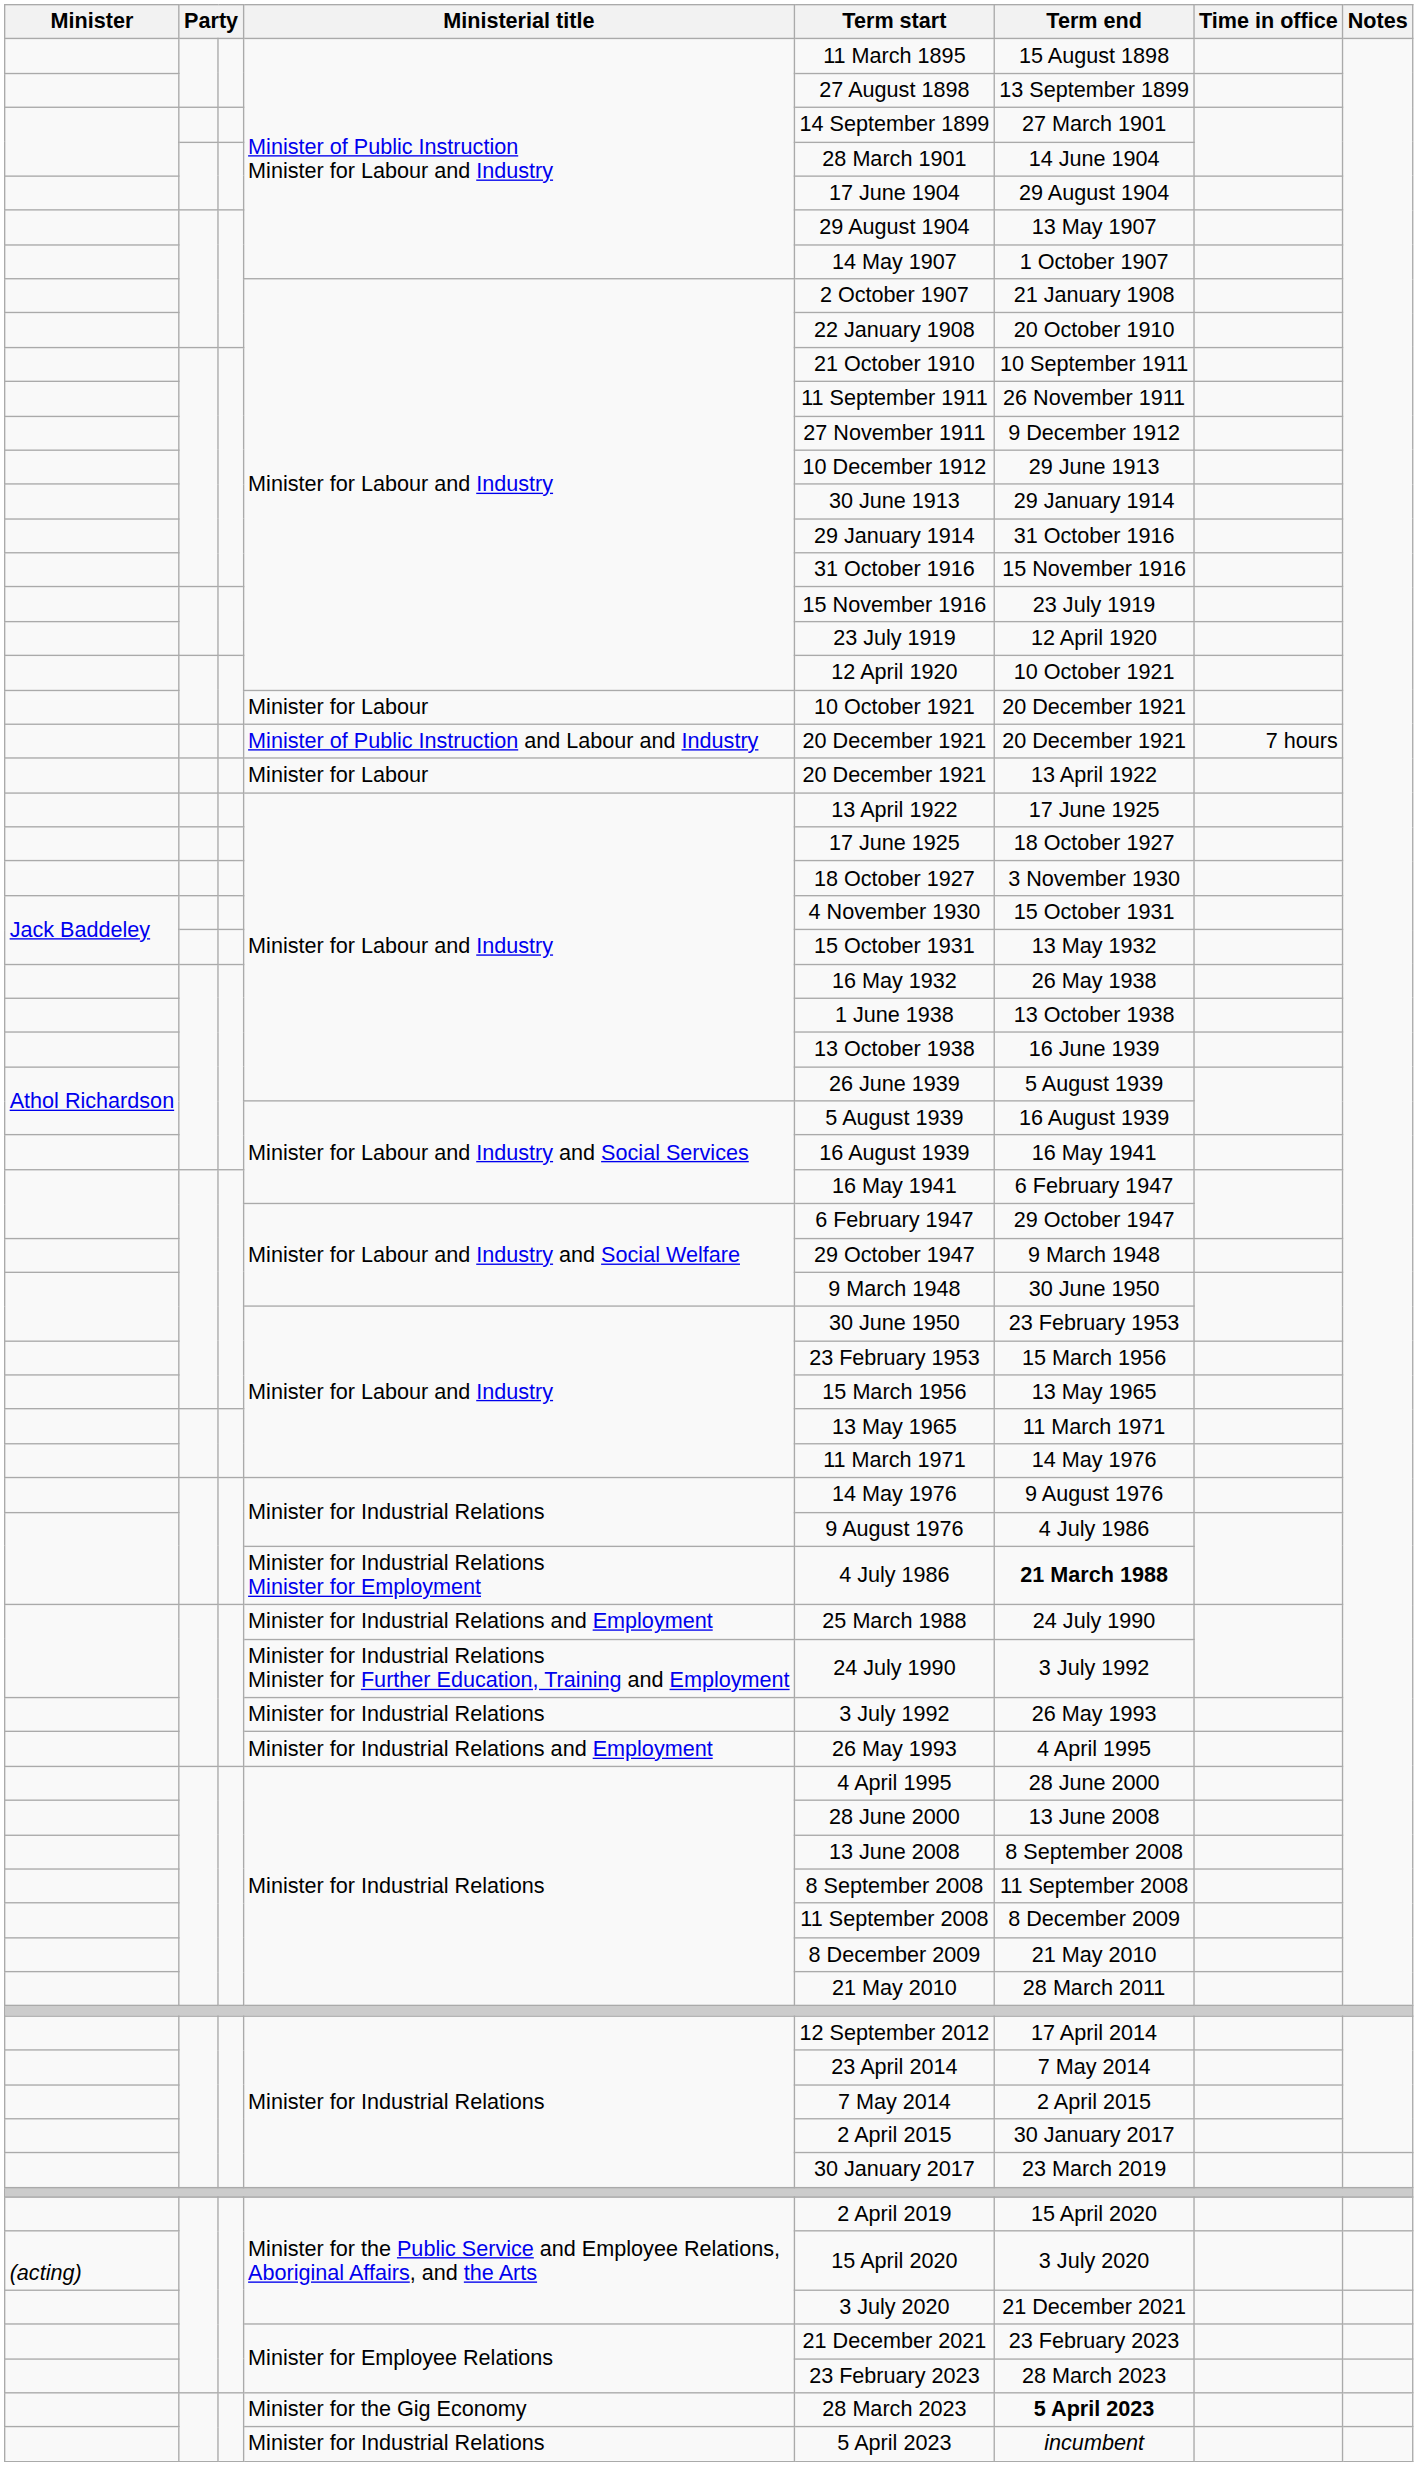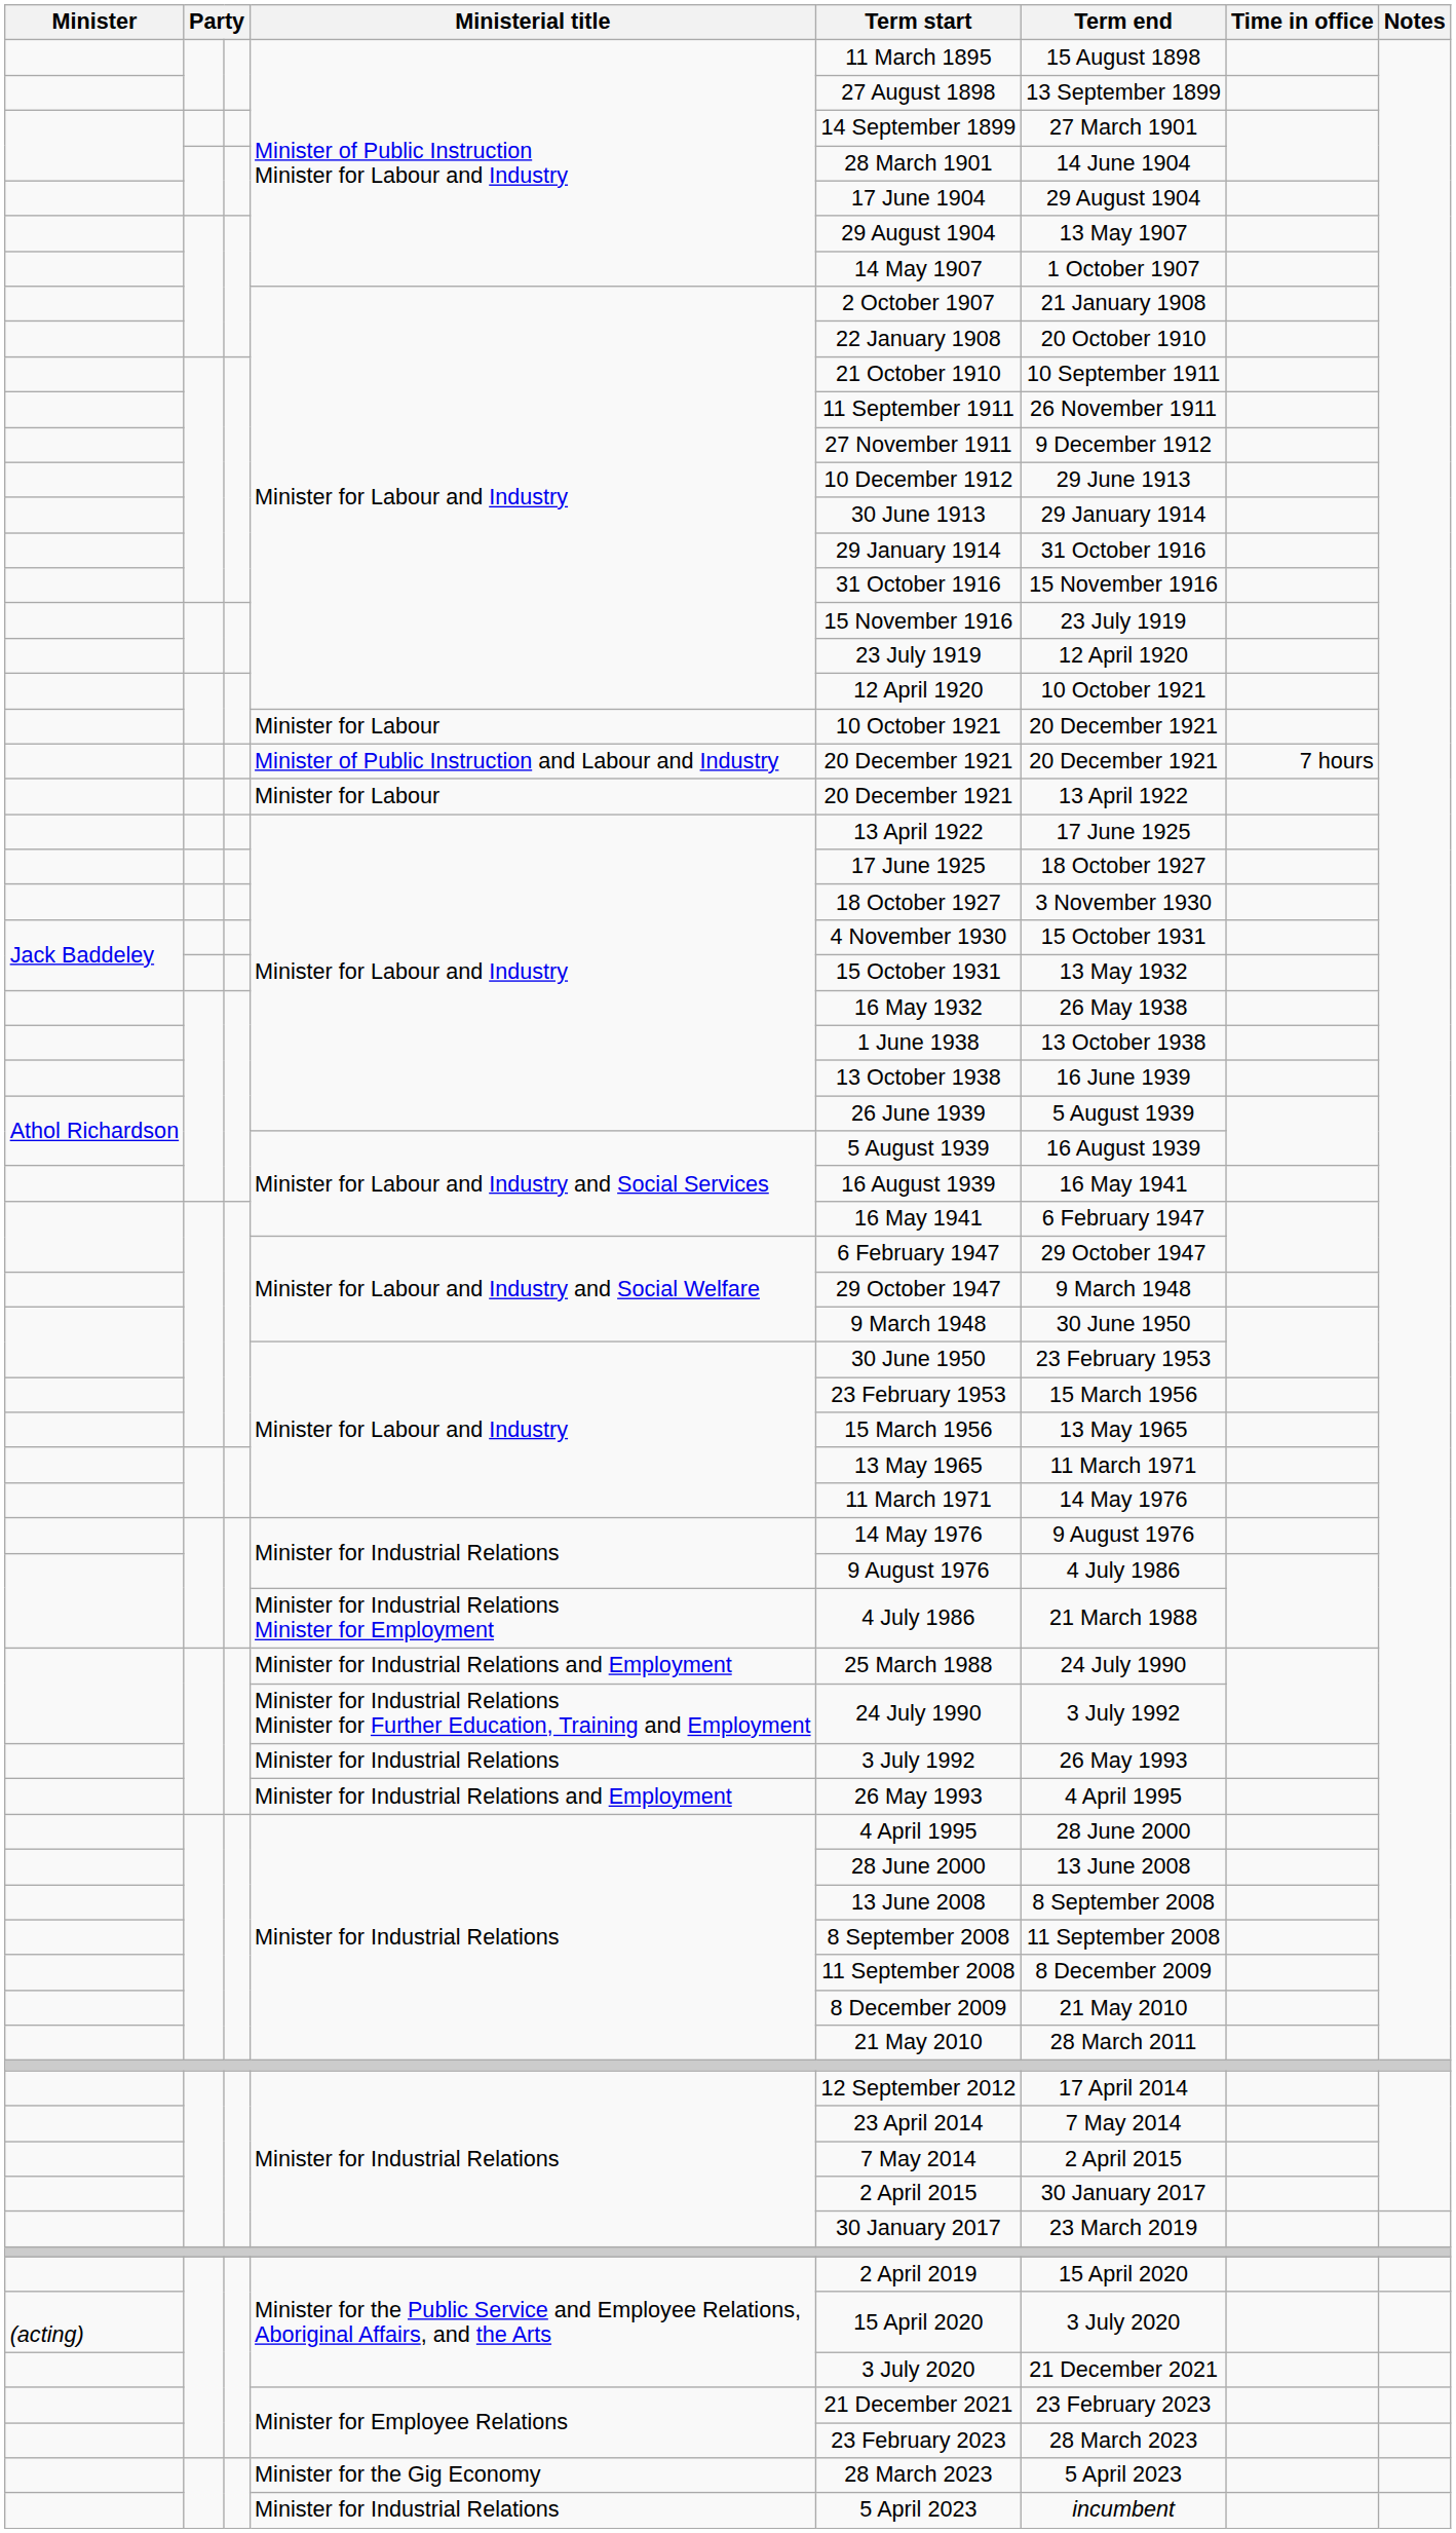 <table class="wikitable sortable">
 <tr>
 <th>Minister</th>
 <th colspan="2">Party</th>
 <th>Ministerial title</th>
 <th>Term start</th>
 <th>Term end</th>
 <th>Time in office</th>
 <th class="unsortable">Notes</th>
 </tr>
 <tr>
 <td></td>
 <td rowspan=2 > </td>
 <td rowspan=2></td>
 <td rowspan=7><a href='#'>Minister of Public Instruction</a><br>Minister for Labour and <a href='#'>Industry</a></td>
 <td align="center">11 March 1895</td>
 <td align="center">15 August 1898</td>
 <td align=right></td>
 </tr>
 <tr>
 <td></td>
 <td align="center">27 August 1898</td>
 <td align="center">13 September 1899</td>
 <td align=right></td>
 </tr>
 <tr>
 <td rowspan="2"></td>
 <td> </td>
 <td></td>
 <td align="center">14 September 1899</td>
 <td align="center">27 March 1901</td>
 <td rowspan="2" align=right></td>
 </tr>
 <tr>
 <td rowspan="2" > </td>
 <td rowspan="2"></td>
 <td align="center">28 March 1901</td>
 <td align="center">14 June 1904</td>
 </tr>
 <tr>
 <td></td>
 <td align="center">17 June 1904</td>
 <td align="center">29 August 1904</td>
 <td align=right></td>
 </tr>
 <tr>
 <td></td>
 <td rowspan="4" > </td>
 <td rowspan="4"></td>
 <td align="center">29 August 1904</td>
 <td align="center">13 May 1907</td>
 <td align=right></td>
 </tr>
 <tr>
 <td></td>
 <td align="center">14 May 1907</td>
 <td align="center">1 October 1907</td>
 <td align=right></td>
 </tr>
 <tr>
 <td></td>
 <td rowspan="12">Minister for Labour and <a href='#'>Industry</a></td>
 <td align="center">2 October 1907</td>
 <td align="center">21 January 1908</td>
 <td align=right></td>
 </tr>
 <tr>
 <td></td>
 <td align="center">22 January 1908</td>
 <td align="center">20 October 1910</td>
 <td align=right></td>
 </tr>
 <tr>
 <td></td>
 <td rowspan="7" > </td>
 <td rowspan="7"></td>
 <td align="center">21 October 1910</td>
 <td align="center">10 September 1911</td>
 <td align=right></td>
 </tr>
 <tr>
 <td></td>
 <td align="center">11 September 1911</td>
 <td align="center">26 November 1911</td>
 <td align=right></td>
 </tr>
 <tr>
 <td></td>
 <td align="center">27 November 1911</td>
 <td align="center">9 December 1912</td>
 <td align=right></td>
 </tr>
 <tr>
 <td></td>
 <td align="center">10 December 1912</td>
 <td align="center">29 June 1913</td>
 <td align=right></td>
 </tr>
 <tr>
 <td></td>
 <td align="center">30 June 1913</td>
 <td align="center">29 January 1914</td>
 <td align=right></td>
 </tr>
 <tr>
 <td></td>
 <td align="center">29 January 1914</td>
 <td align="center">31 October 1916</td>
 <td align=right></td>
 </tr>
 <tr>
 <td></td>
 <td align="center">31 October 1916</td>
 <td align="center">15 November 1916</td>
 <td align=right></td>
 </tr>
 <tr>
 <td></td>
 <td rowspan="2" > </td>
 <td rowspan="2"></td>
 <td align="center">15 November 1916</td>
 <td align="center">23 July 1919</td>
 <td align=right></td>
 </tr>
 <tr>
 <td></td>
 <td align="center">23 July 1919</td>
 <td align="center">12 April 1920</td>
 <td align=right></td>
 </tr>
 <tr>
 <td></td>
 <td rowspan="2" > </td>
 <td rowspan="2"></td>
 <td align="center">12 April 1920</td>
 <td align="center">10 October 1921</td>
 <td align=right></td>
 </tr>
 <tr>
 <td></td>
 <td>Minister for Labour</td>
 <td align="center">10 October 1921</td>
 <td align="center">20 December 1921</td>
 <td align=right></td>
 </tr>
 <tr>
 <td></td>
 <td> </td>
 <td></td>
 <td><a href='#'>Minister of Public Instruction</a> and Labour and <a href='#'>Industry</a></td>
 <td align="center">20 December 1921</td>
 <td align="center">20 December 1921</td>
 <td align="right"> 7 hours</td>
 </tr>
 <tr>
 <td></td>
 <td> </td>
 <td></td>
 <td>Minister for Labour</td>
 <td align="center">20 December 1921</td>
 <td align="center">13 April 1922</td>
 <td align=right></td>
 </tr>
 <tr>
 <td></td>
 <td> </td>
 <td></td>
 <td rowspan="9">Minister for Labour and <a href='#'>Industry</a></td>
 <td align="center">13 April 1922</td>
 <td align="center">17 June 1925</td>
 <td align=right></td>
 </tr>
 <tr>
 <td></td>
 <td> </td>
 <td></td>
 <td align="center">17 June 1925</td>
 <td align="center">18 October 1927</td>
 <td align=right></td>
 </tr>
 <tr>
 <td></td>
 <td> </td>
 <td></td>
 <td align="center">18 October 1927</td>
 <td align="center">3 November 1930</td>
 <td align=right></td>
 </tr>
 <tr>
 <td rowspan="2"><a href='#'>Jack Baddeley</a></td>
 <td> </td>
 <td></td>
 <td align="center">4 November 1930</td>
 <td align="center">15 October 1931</td>
 <td align=right></td>
 </tr>
 <tr>
 <td> </td>
 <td></td>
 <td align="center">15 October 1931</td>
 <td align="center">13 May 1932</td>
 <td align=right></td>
 </tr>
 <tr>
 <td></td>
 <td rowspan="6" > </td>
 <td rowspan="6"></td>
 <td align="center">16 May 1932</td>
 <td align="center">26 May 1938</td>
 <td align=right></td>
 </tr>
 <tr>
 <td></td>
 <td align="center">1 June 1938</td>
 <td align="center">13 October 1938</td>
 <td align=right></td>
 </tr>
 <tr>
 <td></td>
 <td align="center">13 October 1938</td>
 <td align="center">16 June 1939</td>
 <td align=right></td>
 </tr>
 <tr>
 <td rowspan="2"><a href='#'>Athol Richardson</a></td>
 <td align="center">26 June 1939</td>
 <td align="center">5 August 1939</td>
 <td rowspan=2 align=right></td>
 </tr>
 <tr>
 <td rowspan="3">Minister for Labour and <a href='#'>Industry</a> and <a href='#'>Social Services</a></td>
 <td align="center">5 August 1939</td>
 <td align="center">16 August 1939</td>
 </tr>
 <tr>
 <td></td>
 <td align="center">16 August 1939</td>
 <td align="center">16 May 1941</td>
 <td align=right></td>
 </tr>
 <tr>
 <td rowspan="2"></td>
 <td rowspan="7" > </td>
 <td rowspan="7"></td>
 <td align="center">16 May 1941</td>
 <td align="center">6 February 1947</td>
 <td rowspan=2 align=right></td>
 </tr>
 <tr>
 <td rowspan="3">Minister for Labour and <a href='#'>Industry</a> and <a href='#'>Social Welfare</a></td>
 <td align="center">6 February 1947</td>
 <td align="center">29 October 1947</td>
 </tr>
 <tr>
 <td></td>
 <td align="center">29 October 1947</td>
 <td align="center">9 March 1948</td>
 <td align=right></td>
 </tr>
 <tr>
 <td rowspan="2"></td>
 <td align="center">9 March 1948</td>
 <td align="center">30 June 1950</td>
 <td rowspan=2 align=right></td>
 </tr>
 <tr>
 <td rowspan="5">Minister for Labour and <a href='#'>Industry</a></td>
 <td align="center">30 June 1950</td>
 <td align="center">23 February 1953</td>
 </tr>
 <tr>
 <td></td>
 <td align="center">23 February 1953</td>
 <td align="center">15 March 1956</td>
 <td align=right></td>
 </tr>
 <tr>
 <td></td>
 <td align="center">15 March 1956</td>
 <td align="center">13 May 1965</td>
 <td align=right></td>
 </tr>
 <tr>
 <td></td>
 <td rowspan="2" > </td>
 <td rowspan="2"></td>
 <td align="center">13 May 1965</td>
 <td align="center">11 March 1971</td>
 <td align=right></td>
 </tr>
 <tr>
 <td></td>
 <td align="center">11 March 1971</td>
 <td align="center">14 May 1976</td>
 <td align=right></td>
 </tr>
 <tr>
 <td></td>
 <td rowspan="3" > </td>
 <td rowspan="3"></td>
 <td rowspan="2">Minister for Industrial Relations</td>
 <td align="center">14 May 1976</td>
 <td align="center">9 August 1976</td>
 <td align=right></td>
 </tr>
 <tr>
 <td rowspan="2"></td>
 <td align="center">9 August 1976</td>
 <td align="center">4 July 1986</td>
 <td rowspan=2 align=right><strong></strong></td>
 </tr>
 <tr>
 <td>Minister for Industrial Relations<br><a href='#'>Minister for Employment</a></td>
 <td align="center">4 July 1986</td>
-<td align="center"><strong>21 March 1988</strong></td>
+<td align="center">21 March 1988</td>
 </tr>
 <tr>
 <td rowspan="2"></td>
 <td rowspan="4" > </td>
 <td rowspan="4"></td>
 <td>Minister for Industrial Relations and <a href='#'>Employment</a></td>
 <td align="center">25 March 1988</td>
 <td align="center">24 July 1990</td>
 <td rowspan=2 align=right></td>
 </tr>
 <tr>
 <td>Minister for Industrial Relations<br>Minister for <a href='#'>Further Education, Training</a> and <a href='#'>Employment</a></td>
 <td align="center">24 July 1990</td>
 <td align="center">3 July 1992</td>
 </tr>
 <tr>
 <td></td>
 <td>Minister for Industrial Relations</td>
 <td align="center">3 July 1992</td>
 <td align="center">26 May 1993</td>
 <td align=right></td>
 </tr>
 <tr>
 <td></td>
 <td>Minister for Industrial Relations and <a href='#'>Employment</a></td>
 <td align="center">26 May 1993</td>
 <td align="center">4 April 1995</td>
 <td align=right></td>
 </tr>
 <tr>
 <td></td>
 <td rowspan="7" > </td>
 <td rowspan="7"></td>
 <td rowspan="7">Minister for Industrial Relations</td>
 <td align="center">4 April 1995</td>
 <td align="center">28 June 2000</td>
 <td align=right></td>
 </tr>
 <tr>
 <td></td>
 <td align="center">28 June 2000</td>
 <td align="center">13 June 2008</td>
 <td align=right></td>
 </tr>
 <tr>
 <td></td>
 <td align="center">13 June 2008</td>
 <td align="center">8 September 2008</td>
 <td align=right></td>
 </tr>
 <tr>
 <td></td>
 <td align="center">8 September 2008</td>
 <td align="center">11 September 2008</td>
 <td align=right></td>
 </tr>
 <tr>
 <td></td>
 <td align="center">11 September 2008</td>
 <td align="center">8 December 2009</td>
 <td align=right></td>
 </tr>
 <tr>
 <td></td>
 <td align="center">8 December 2009</td>
 <td align="center">21 May 2010</td>
 <td align=right></td>
 </tr>
 <tr>
 <td></td>
 <td align="center">21 May 2010</td>
 <td align="center">28 March 2011</td>
 <td align=right></td>
 </tr>
 <tr class="sortbottom">
 <th colspan="8" style="background: #cccccc;"></th>
 </tr>
 <tr>
 <td></td>
 <td rowspan="5" > </td>
 <td rowspan="5"></td>
 <td rowspan="5">Minister for Industrial Relations</td>
 <td align="center">12 September 2012</td>
 <td align="center">17 April 2014</td>
 <td align=right></td>
 </tr>
 <tr>
 <td></td>
 <td align="center">23 April 2014</td>
 <td align="center">7 May 2014</td>
 <td align=right></td>
 </tr>
 <tr>
 <td></td>
 <td align="center">7 May 2014</td>
 <td align="center">2 April 2015</td>
 <td align=right></td>
 </tr>
 <tr>
 <td></td>
 <td align="center">2 April 2015</td>
 <td align="center">30 January 2017</td>
 <td align=right></td>
 </tr>
 <tr>
 <td></td>
 <td align="center">30 January 2017</td>
 <td align="center">23 March 2019</td>
 <td align=right></td>
 <td></td>
 </tr>
 <tr>
 <th colspan="8" style="background: #cccccc;"></th>
 </tr>
 <tr class="sortbottom">
 <td></td>
 <td rowspan="5" > </td>
 <td rowspan="5"></td>
 <td rowspan=3>Minister for the <a href='#'>Public Service</a> and Employee Relations,<br><a href='#'>Aboriginal Affairs</a>, and <a href='#'>the Arts</a></td>
 <td align=center>2 April 2019</td>
 <td align=center>15 April 2020</td>
 <td align=right></td>
 <td></td>
 </tr>
 <tr>
 <td><em><br>(acting)</em></td>
 <td align=center>15 April 2020</td>
 <td align=center>3 July 2020</td>
 <td align=right></td>
 <td></td>
 </tr>
 <tr>
 <td></td>
 <td align=center>3 July 2020</td>
 <td align=center>21 December 2021</td>
 <td align=right></td>
 <td></td>
 </tr>
 <tr>
 <td></td>
 <td rowspan="2">Minister for Employee Relations</td>
 <td align=center>21 December 2021</td>
 <td align=center>23 February 2023</td>
 <td align=right></td>
 <td></td>
 </tr>
 <tr>
 <td></td>
 <td align=center>23 February 2023</td>
 <td align=center>28 March 2023</td>
 <td align=right></td>
 <td></td>
 </tr>
 <tr>
 <td></td>
 <td rowspan="2" > </td>
 <td rowspan="2"></td>
 <td>Minister for the Gig Economy</td>
 <td align=center>28 March 2023</td>
-<td align=center><strong>5 April 2023</strong></td>
+<td align=center>5 April 2023</td>
 <td align=right></td>
 <td></td>
 </tr>
 <tr>
 <td></td>
 <td>Minister for Industrial Relations</td>
 <td align=center>5 April 2023</td>
 <td align=center><em>incumbent</em></td>
 <td align=right></td>
 <td></td>
 </tr>
 </table>
